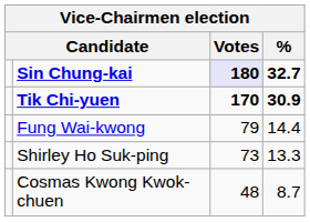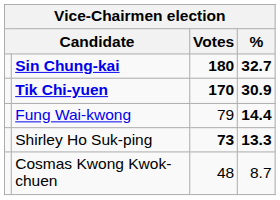 <table class="wikitable" style="text-align:right; width:280px">
 <tr>
 <th colspan=4>Vice-Chairmen election </th>
 </tr>
 <tr>
 <th colspan=2>Candidate</th>
 <th>Votes</th>
 <th>%</th>
 </tr>
 <tr>
 <td></td>
 <td align=left><strong><a href='#'>Sin Chung-kai</a></strong></td>
-<td style="background: lavender;"><strong>180</strong></td>
+<td><strong>180</strong></td>
 <td><strong>32.7</strong></td>
 </tr>
 <tr>
 <td></td>
 <td align=left><strong><a href='#'>Tik Chi-yuen</a></strong></td>
 <td><strong>170</strong></td>
 <td><strong>30.9</strong></td>
 </tr>
 <tr>
 <td></td>
 <td align=left><a href='#'>Fung Wai-kwong</a></td>
 <td>79</td>
-<td>14.4</td>
+<td><strong>14.4</strong></td>
 </tr>
 <tr>
 <td></td>
 <td align=left>Shirley Ho Suk-ping</td>
-<td>73</td>
-<td>13.3</td>
+<td><strong>73</strong></td>
+<td><strong>13.3</strong></td>
 </tr>
 <tr>
 <td></td>
 <td align=left>Cosmas Kwong Kwok-chuen</td>
 <td>48</td>
 <td>8.7</td>
 </tr>
 </table>
